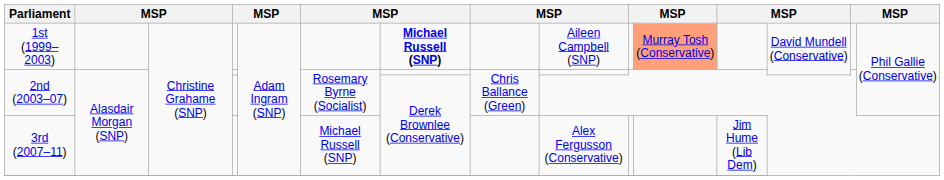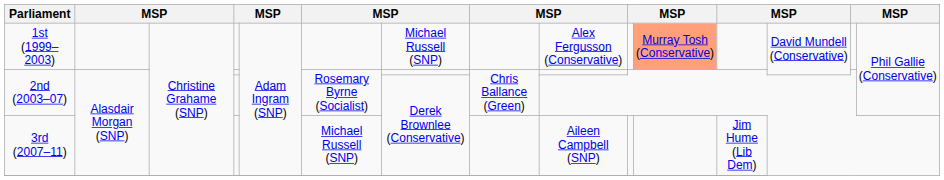 <table class="wikitable" style="text-align:center">
 <tr>
 <th>Parliament</th>
 <th colspan="2">MSP</th>
 <th colspan="2">MSP</th>
 <th colspan="2">MSP</th>
 <th colspan="2">MSP</th>
 <th colspan="2">MSP</th>
 <th colspan="2">MSP</th>
 <th colspan="2">MSP</th>
 </tr>
 <tr>
 <td><a href='#'>1st</a> <br>(<a href='#'>1999–2003</a>)</td>
 <td></td>
 <td rowspan="4"><a href='#'>Christine Grahame</a> <br>(<a href='#'>SNP</a>)</td>
 <td></td>
 <td rowspan="4"><a href='#'>Adam Ingram</a><br>(<a href='#'>SNP</a>)</td>
 <td></td>
-<td rowspan="1"><strong><a href='#'>Michael Russell</a><br>(<a href='#'>SNP</a>)</strong></td>
+<td rowspan="1"><a href='#'>Michael Russell</a><br>(<a href='#'>SNP</a>)</td>
 <td style="color:inherit;background:"></td>
-<td><a href='#'>Aileen Campbell</a><br>(<a href='#'>SNP</a>)</td>
+<td rowspan="1"><a href='#'>Alex Fergusson</a><br>(<a href='#'>Conservative</a>)</td>
 <td style="color:inherit;background:"></td>
 <td rowspan="1" style="background: lightsalmon;"><a href='#'>Murray Tosh</a><br>(<a href='#'>Conservative</a>)</td>
 <td></td>
 <td rowspan="2"><a href='#'>David Mundell</a><br>(<a href='#'>Conservative</a>)</td>
 <td></td>
 <td rowspan="3"><a href='#'>Phil Gallie</a><br>(<a href='#'>Conservative</a>)</td>
 </tr>
 <tr>
 <td rowspan="2"><a href='#'>2nd</a> <br>(<a href='#'>2003–07</a>)</td>
 <td rowspan="3"><a href='#'>Alasdair Morgan</a> <br>(<a href='#'>SNP</a>)</td>
 <td></td>
 <td rowspan="2"><a href='#'>Rosemary Byrne</a><br>(<a href='#'>Socialist</a>)</td>
 <td></td>
 <td rowspan="2"><a href='#'>Chris Ballance</a><br>(<a href='#'>Green</a>)</td>
 <td></td>
 </tr>
 <tr>
 <td></td>
 <td rowspan="2"><a href='#'>Derek Brownlee</a><br>(<a href='#'>Conservative</a>)</td>
 </tr>
 <tr>
 <td><a href='#'>3rd</a> <br>(<a href='#'>2007–11</a>)</td>
 <td style="color:inherit;background:"></td>
 <td><a href='#'>Michael Russell</a><br>(<a href='#'>SNP</a>)</td>
 <td style="color:inherit;background:"></td>
-<td rowspan="1"><a href='#'>Alex Fergusson</a><br>(<a href='#'>Conservative</a>)</td>
+<td><a href='#'>Aileen Campbell</a><br>(<a href='#'>SNP</a>)</td>
 <td style="color:inherit;background:"></td>
 <td style="color:inherit;background:"></td>
 <td><a href='#'>Jim Hume</a><br>(<a href='#'>Lib Dem</a>)</td>
 </tr>
 <tr>
 </tr>
 </table>
